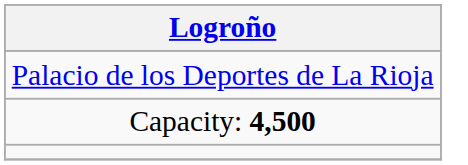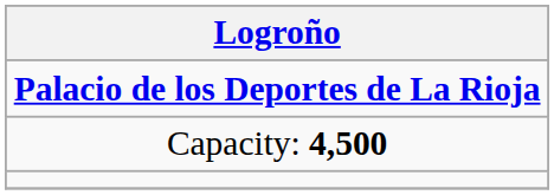 <table class="wikitable" style="text-align:center">
 <tr>
 <th><a href='#'>Logroño</a></th>
 </tr>
 <tr>
-<td><a href='#'>Palacio de los Deportes de La Rioja</a></td>
+<td><strong><a href='#'>Palacio de los Deportes de La Rioja</a></strong></td>
 </tr>
 <tr>
 <td>Capacity: <strong>4,500</strong></td>
 </tr>
 <tr>
 <td></td>
 </tr>
 <tr>
 </tr>
 </table>
